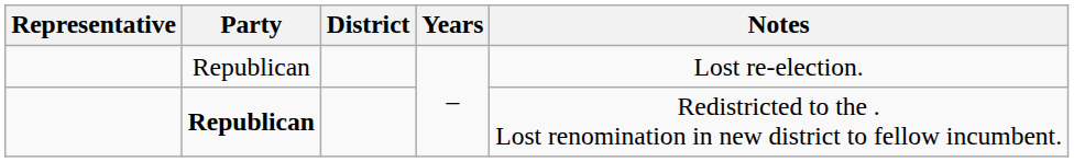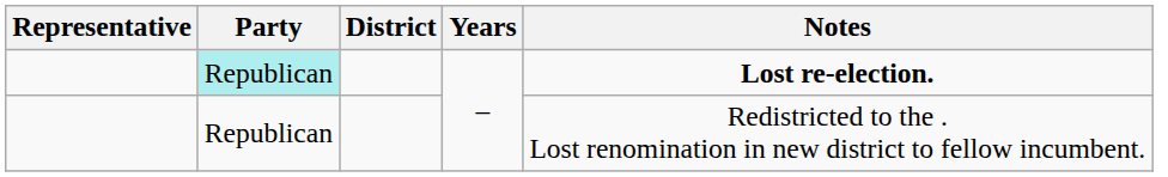 <table class="wikitable sortable" style="text-align:center">
 <tr valign=bottom>
 <th>Representative</th>
 <th>Party</th>
 <th>District</th>
 <th>Years</th>
 <th>Notes</th>
 </tr>
 <tr>
 <td align=left></td>
-<td>Republican</td>
+<td style="background: paleturquoise;">Republican</td>
 <td></td>
 <td rowspan="2" nowrap=""> –<br></td>
-<td>Lost re-election.</td>
+<td><strong>Lost re-election.</strong></td>
 </tr>
 <tr>
 <td align=left></td>
-<td><strong>Republican</strong></td>
+<td>Republican</td>
 <td></td>
 <td>Redistricted to the .<br>Lost renomination in new district to fellow incumbent.</td>
 </tr>
 </table>
